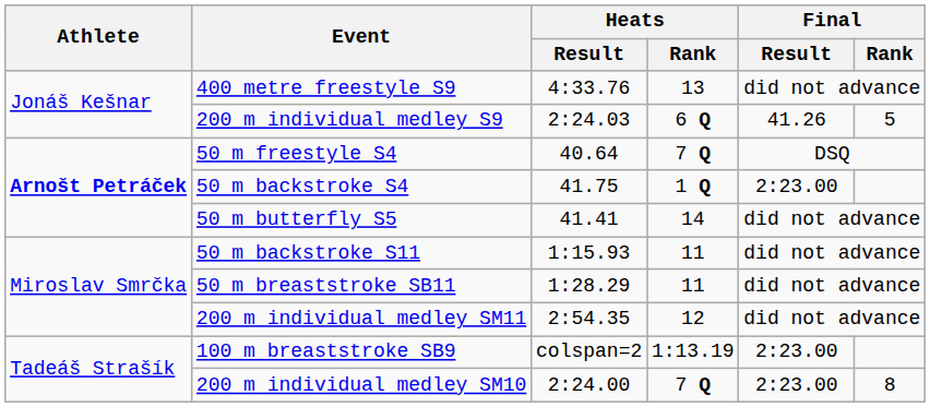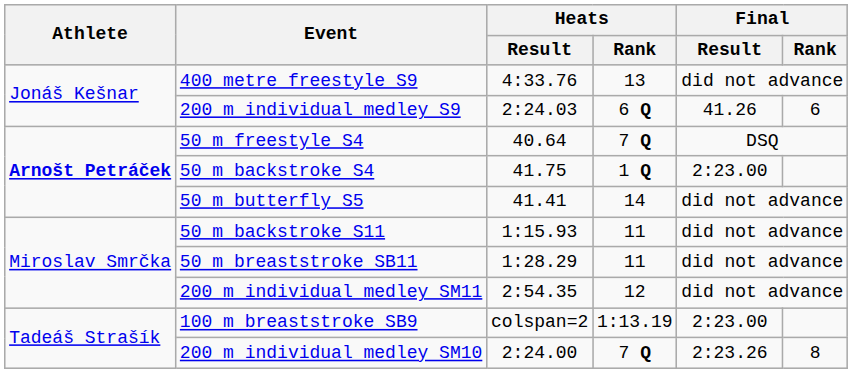 <table class=wikitable style="font-size:90%">
 <tr>
 <th rowspan="2">Athlete</th>
 <th rowspan="2">Event</th>
 <th colspan="2">Heats</th>
 <th colspan="2">Final</th>
 </tr>
 <tr>
 <th>Result</th>
 <th>Rank</th>
 <th>Result</th>
 <th>Rank</th>
 </tr>
 <tr align=center>
 <td align=left rowspan=2><a href='#'>Jonáš Kešnar</a></td>
 <td align=left><a href='#'>400 metre freestyle S9</a></td>
 <td>4:33.76</td>
 <td>13</td>
 <td colspan="2">did not advance</td>
 </tr>
 <tr align=center>
 <td align=left><a href='#'>200 m individual medley S9</a></td>
 <td>2:24.03</td>
 <td>6 <strong>Q</strong></td>
 <td>41.26</td>
-<td>5</td>
+<td>6</td>
 </tr>
 <tr align=center>
 <td align=left rowspan=3><strong><a href='#'>Arnošt Petráček</a></strong></td>
 <td align=left><a href='#'>50 m freestyle S4</a></td>
 <td>40.64</td>
 <td>7 <strong>Q</strong></td>
 <td colspan=2>DSQ</td>
 </tr>
 <tr align=center>
 <td align=left><a href='#'>50 m backstroke S4</a></td>
 <td>41.75</td>
 <td>1 <strong>Q</strong></td>
 <td>2:23.00</td>
 <td></td>
 </tr>
 <tr align=center>
 <td align=left><a href='#'>50 m butterfly S5</a></td>
 <td>41.41</td>
 <td>14</td>
 <td colspan="2">did not advance</td>
 </tr>
 <tr align=center>
 <td align=left rowspan=3><a href='#'>Miroslav Smrčka</a></td>
 <td align=left><a href='#'>50 m backstroke S11</a></td>
 <td>1:15.93</td>
 <td>11</td>
 <td colspan="2">did not advance</td>
 </tr>
 <tr align=center>
 <td align=left><a href='#'>50 m breaststroke SB11</a></td>
 <td>1:28.29</td>
 <td>11</td>
 <td colspan="2">did not advance</td>
 </tr>
 <tr align=center>
 <td align=left><a href='#'>200 m individual medley SM11</a></td>
 <td>2:54.35</td>
 <td>12</td>
 <td colspan="2">did not advance</td>
 </tr>
 <tr align=center>
 <td align=left rowspan=2><a href='#'>Tadeáš Strašík</a></td>
 <td align=left><a href='#'>100 m breaststroke SB9</a></td>
 <td>colspan=2 </td>
 <td>1:13.19</td>
 <td>2:23.00</td>
 </tr>
 <tr align=center>
 <td align=left><a href='#'>200 m individual medley SM10</a></td>
 <td>2:24.00</td>
 <td>7 <strong>Q</strong></td>
-<td>2:23.00</td>
+<td>2:23.26</td>
 <td>8</td>
 </tr>
 </table>
